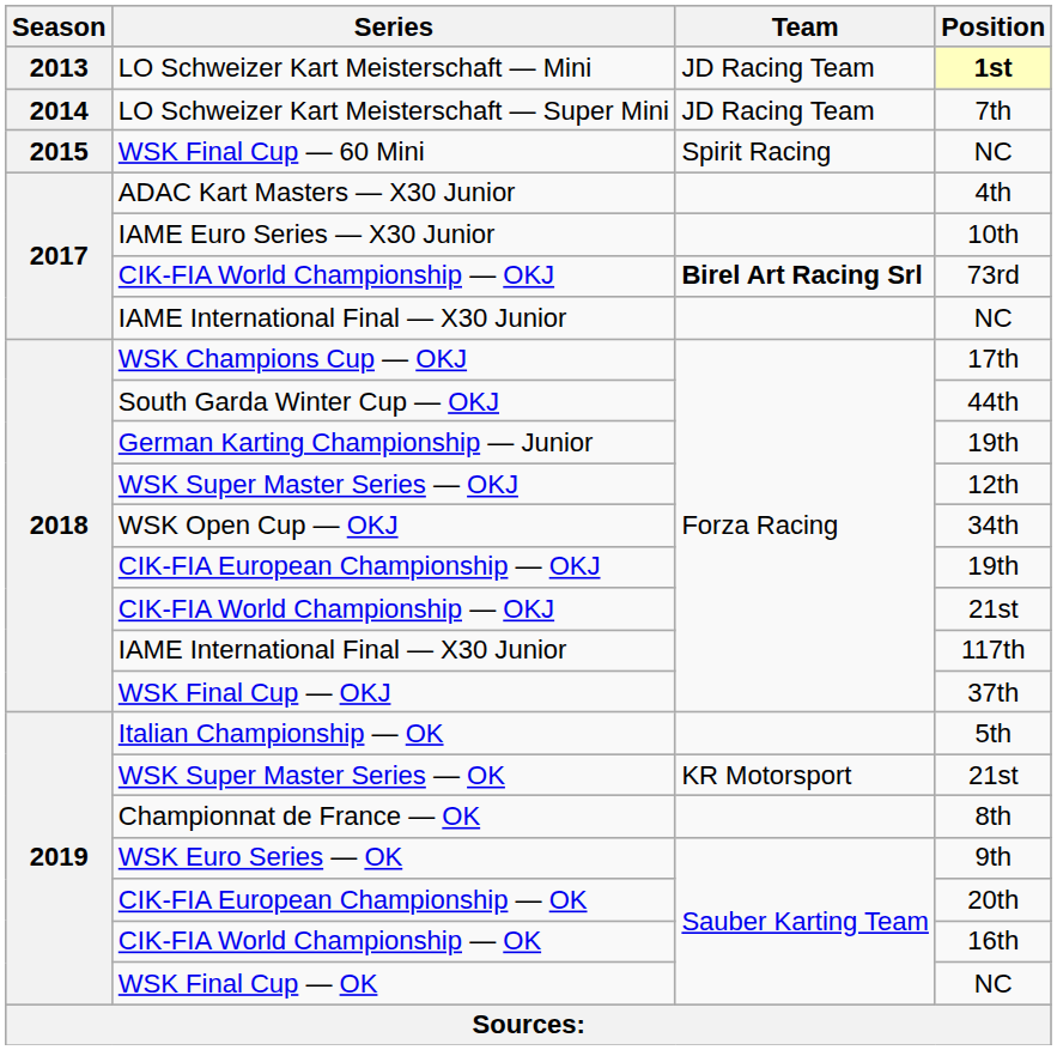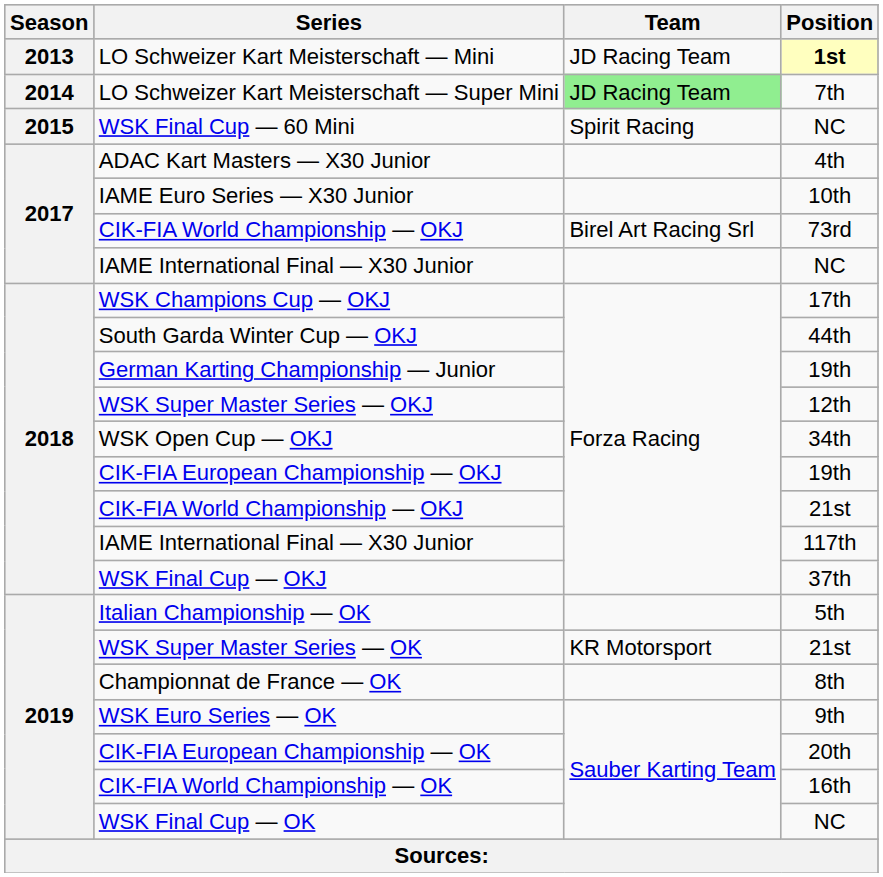 <table class="wikitable" style="font-size: 85%; text-align:center">
 <tr>
 <th>Season</th>
 <th>Series</th>
 <th>Team</th>
 <th>Position</th>
 </tr>
 <tr>
 <th>2013</th>
 <td align="left">LO Schweizer Kart Meisterschaft — Mini</td>
 <td align="left">JD Racing Team</td>
 <td style="background:#FFFFBF;"><strong>1st</strong></td>
 </tr>
 <tr>
 <th>2014</th>
 <td align="left">LO Schweizer Kart Meisterschaft — Super Mini</td>
-<td align="left">JD Racing Team</td>
+<td align="left" style="background: lightgreen;">JD Racing Team</td>
 <td>7th</td>
 </tr>
 <tr>
 <th>2015</th>
 <td align="left"><a href='#'>WSK Final Cup</a> — 60 Mini</td>
 <td align="left">Spirit Racing</td>
 <td>NC</td>
 </tr>
 <tr>
 <th rowspan="4">2017</th>
 <td align="left">ADAC Kart Masters — X30 Junior</td>
 <td></td>
 <td>4th</td>
 </tr>
 <tr>
 <td align="left">IAME Euro Series — X30 Junior</td>
 <td align="left"></td>
 <td>10th</td>
 </tr>
 <tr>
 <td align="left"><a href='#'>CIK-FIA World Championship</a> — <a href='#'>OKJ</a></td>
-<td align="left"><strong>Birel Art Racing Srl</strong></td>
+<td align="left">Birel Art Racing Srl</td>
 <td>73rd</td>
 </tr>
 <tr>
 <td align="left">IAME International Final — X30 Junior</td>
 <td align="left"></td>
 <td>NC</td>
 </tr>
 <tr>
 <th rowspan="9">2018</th>
 <td align="left"><a href='#'>WSK Champions Cup</a> — <a href='#'>OKJ</a></td>
 <td rowspan="9" align="left">Forza Racing</td>
 <td>17th</td>
 </tr>
 <tr>
 <td align="left">South Garda Winter Cup — <a href='#'>OKJ</a></td>
 <td>44th</td>
 </tr>
 <tr>
 <td align="left"><a href='#'>German Karting Championship</a> — Junior</td>
 <td>19th</td>
 </tr>
 <tr>
 <td align="left"><a href='#'>WSK Super Master Series</a> — <a href='#'>OKJ</a></td>
 <td>12th</td>
 </tr>
 <tr>
 <td align="left">WSK Open Cup — <a href='#'>OKJ</a></td>
 <td>34th</td>
 </tr>
 <tr>
 <td align="left"><a href='#'>CIK-FIA European Championship</a> — <a href='#'>OKJ</a></td>
 <td>19th</td>
 </tr>
 <tr>
 <td align="left"><a href='#'>CIK-FIA World Championship</a> — <a href='#'>OKJ</a></td>
 <td>21st</td>
 </tr>
 <tr>
 <td align="left">IAME International Final — X30 Junior</td>
 <td>117th</td>
 </tr>
 <tr>
 <td align="left"><a href='#'>WSK Final Cup</a> — <a href='#'>OKJ</a></td>
 <td>37th</td>
 </tr>
 <tr>
 <th rowspan="7">2019</th>
 <td align="left"><a href='#'>Italian Championship</a> — <a href='#'>OK</a></td>
 <td align="left"></td>
 <td>5th</td>
 </tr>
 <tr>
 <td align="left"><a href='#'>WSK Super Master Series</a> — <a href='#'>OK</a></td>
 <td align="left">KR Motorsport</td>
 <td>21st</td>
 </tr>
 <tr>
 <td align="left">Championnat de France — <a href='#'>OK</a></td>
 <td align="left"></td>
 <td>8th</td>
 </tr>
 <tr>
 <td align="left"><a href='#'>WSK Euro Series</a> — <a href='#'>OK</a></td>
 <td rowspan="4"  align="left"><a href='#'>Sauber Karting Team</a></td>
 <td>9th</td>
 </tr>
 <tr>
 <td align="left"><a href='#'>CIK-FIA European Championship</a> — <a href='#'>OK</a></td>
 <td>20th</td>
 </tr>
 <tr>
 <td align="left"><a href='#'>CIK-FIA World Championship</a> — <a href='#'>OK</a></td>
 <td>16th</td>
 </tr>
 <tr>
 <td align="left"><a href='#'>WSK Final Cup</a> — <a href='#'>OK</a></td>
 <td>NC</td>
 </tr>
 <tr>
 <th colspan="4">Sources:</th>
 </tr>
 </table>
